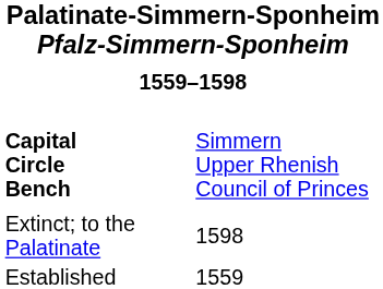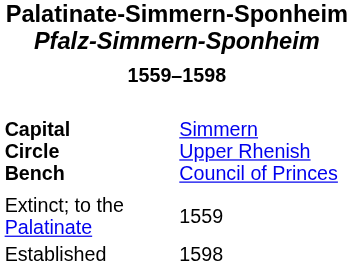 <table align="right" class="toccolours">
 <tr>
 <td colspan=2 align="center"><big><strong>Palatinate-Simmern-Sponheim</strong><br><strong><em>Pfalz-Simmern-Sponheim</em></strong></big></td>
 </tr>
 <tr>
 <td colspan=2 align="center"></td>
 </tr>
 <tr>
 <td colspan=2 align="center"><strong>1559–1598</strong></td>
 </tr>
 <tr>
 <td><br></td>
 </tr>
 <tr>
 <td width=138px><strong>Capital<br>Circle<br>Bench</strong></td>
 <td width=138px><a href='#'>Simmern</a><br><a href='#'>Upper Rhenish</a><br><a href='#'>Council of Princes</a></td>
 </tr>
 <tr>
 <td colspan=2 align="center"></td>
 </tr>
 <tr>
 <td>Extinct; to the <a href='#'>Palatinate</a></td>
-<td>1598</td>
+<td>1559</td>
 </tr>
 <tr>
 <td>Established</td>
-<td>1559</td>
+<td>1598</td>
 </tr>
 <tr>
 </tr>
 </table>
